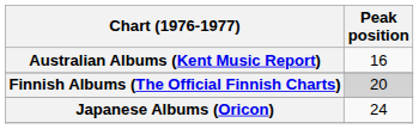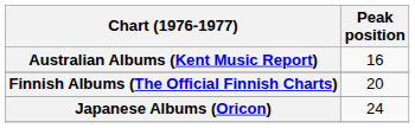 <table class="wikitable sortable plainrowheaders">
 <tr>
 <th>Chart (1976-1977)</th>
 <th>Peak<br>position</th>
 </tr>
 <tr>
 <th scope="row">Australian Albums (<a href='#'>Kent Music Report</a>)</th>
 <td align="center">16</td>
 </tr>
 <tr>
 </tr>
 <tr>
 </tr>
 <tr>
 <th scope="row">Finnish Albums (<a href='#'>The Official Finnish Charts</a>)</th>
-<td align="center" style="background: lightgrey;">20</td>
+<td align="center">20</td>
 </tr>
 <tr>
 </tr>
 <tr>
 <th scope="row">Japanese Albums (<a href='#'>Oricon</a>)</th>
 <td align="center">24</td>
 </tr>
 <tr>
 </tr>
 <tr>
 </tr>
 <tr>
 </tr>
 <tr>
 </tr>
 <tr>
 </tr>
 </table>
